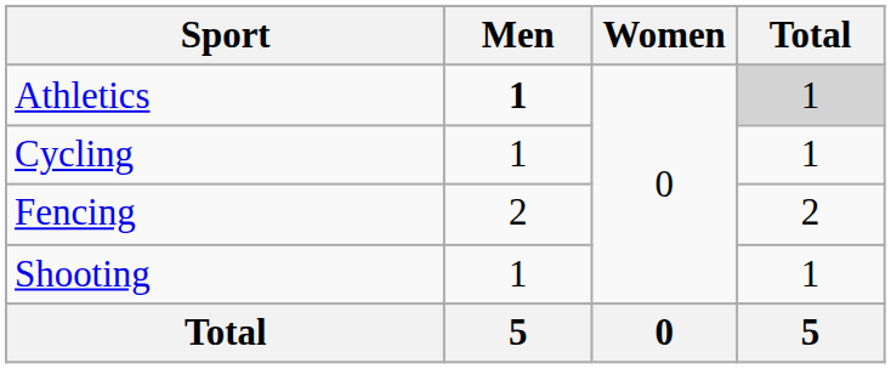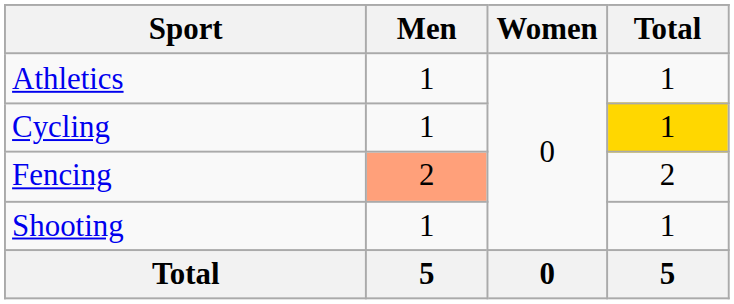 <table class="wikitable sortable" style="text-align:center">
 <tr>
 <th width="180">Sport</th>
 <th width="55">Men</th>
 <th width="55">Women</th>
 <th width="55">Total</th>
 </tr>
 <tr>
 <td align="left"><a href='#'>Athletics</a></td>
-<td><strong>1</strong></td>
+<td>1</td>
 <td rowspan="4">0</td>
-<td style="background: lightgrey;">1</td>
+<td>1</td>
 </tr>
 <tr>
 <td align="left"><a href='#'>Cycling</a></td>
 <td>1</td>
-<td>1</td>
+<td style="background: gold;">1</td>
 </tr>
 <tr>
 <td align="left"><a href='#'>Fencing</a></td>
-<td>2</td>
+<td style="background: lightsalmon;">2</td>
 <td>2</td>
 </tr>
 <tr>
 <td align="left"><a href='#'>Shooting</a></td>
 <td>1</td>
 <td>1</td>
 </tr>
 <tr>
 <th>Total</th>
 <th>5</th>
 <th>0</th>
 <th>5</th>
 </tr>
 </table>
